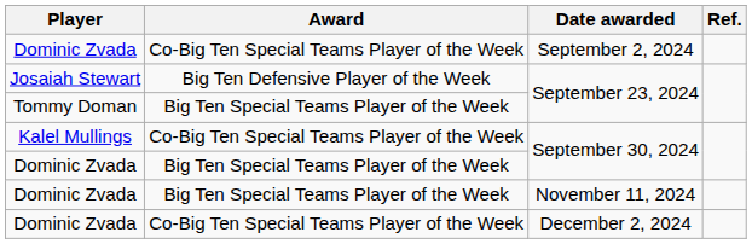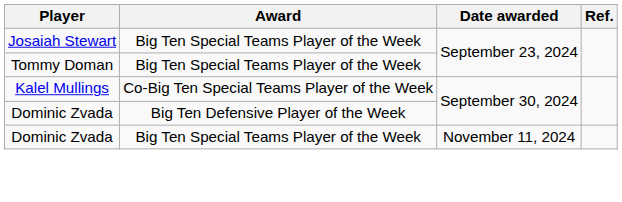 <table class="wikitable sortable sortable" style="text-align: center">
 <tr align=center>
 <th>Player</th>
 <th>Award</th>
 <th>Date awarded</th>
 <th>Ref.</th>
 </tr>
 <tr>
-<td><a href='#'>Dominic Zvada</a></td>
-<td>Co-Big Ten Special Teams Player of the Week</td>
-<td>September 2, 2024</td>
-<td></td>
-</tr>
-<tr>
 <td><a href='#'>Josaiah Stewart</a></td>
-<td>Big Ten Defensive Player of the Week</td>
+<td>Big Ten Special Teams Player of the Week</td>
 <td rowspan="2">September 23, 2024</td>
 <td rowspan="2"></td>
 </tr>
 <tr>
 <td>Tommy Doman</td>
 <td>Big Ten Special Teams Player of the Week</td>
 </tr>
 <tr>
 <td><a href='#'>Kalel Mullings</a></td>
 <td>Co-Big Ten Special Teams Player of the Week</td>
 <td rowspan="2">September 30, 2024</td>
 <td rowspan="2"></td>
 </tr>
 <tr>
 <td>Dominic Zvada</td>
-<td>Big Ten Special Teams Player of the Week</td>
+<td>Big Ten Defensive Player of the Week</td>
 </tr>
 <tr>
 <td>Dominic Zvada</td>
 <td>Big Ten Special Teams Player of the Week</td>
 <td>November 11, 2024</td>
 <td></td>
 </tr>
-<tr>
-<td>Dominic Zvada</td>
-<td>Co-Big Ten Special Teams Player of the Week</td>
-<td>December 2, 2024</td>
-<td></td>
-</tr>
 </table>
